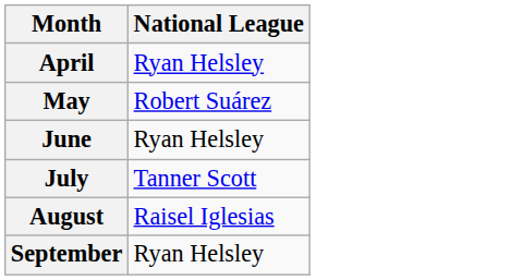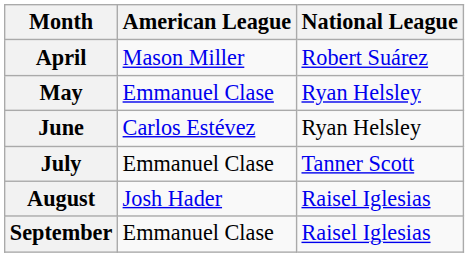 <table class="wikitable">
 <tr>
 <th>Month</th>
+<th>American League</th>
 <th>National League</th>
 </tr>
 <tr>
 <th>April</th>
+<td><a href='#'>Mason Miller</a></td>
+<td><a href='#'>Robert Suárez</a></td>
+</tr>
+<tr>
+<th>May</th>
+<td><a href='#'>Emmanuel Clase</a></td>
 <td><a href='#'>Ryan Helsley</a></td>
 </tr>
 <tr>
-<th>May</th>
-<td><a href='#'>Robert Suárez</a></td>
-</tr>
-<tr>
 <th>June</th>
+<td><a href='#'>Carlos Estévez</a></td>
 <td>Ryan Helsley</td>
 </tr>
 <tr>
 <th>July</th>
+<td>Emmanuel Clase</td>
 <td><a href='#'>Tanner Scott</a></td>
 </tr>
 <tr>
 <th>August</th>
+<td><a href='#'>Josh Hader</a></td>
 <td><a href='#'>Raisel Iglesias</a></td>
 </tr>
 <tr>
 <th>September</th>
-<td>Ryan Helsley</td>
+<td>Emmanuel Clase</td>
+<td><a href='#'>Raisel Iglesias</a></td>
 </tr>
 </table>
